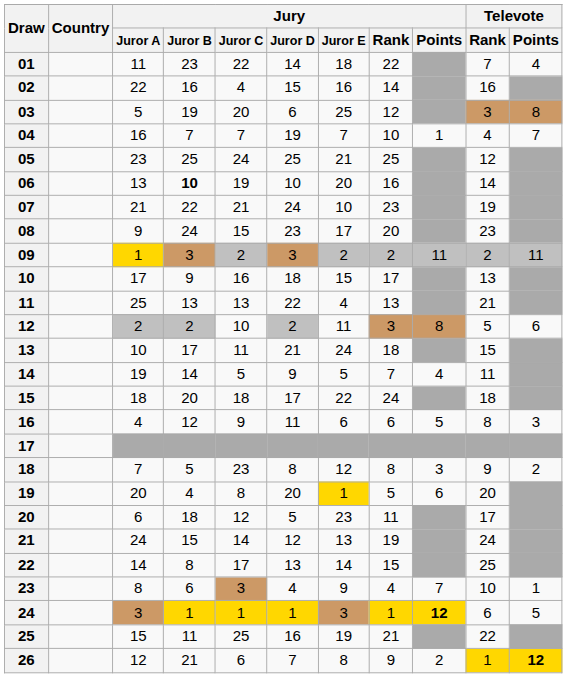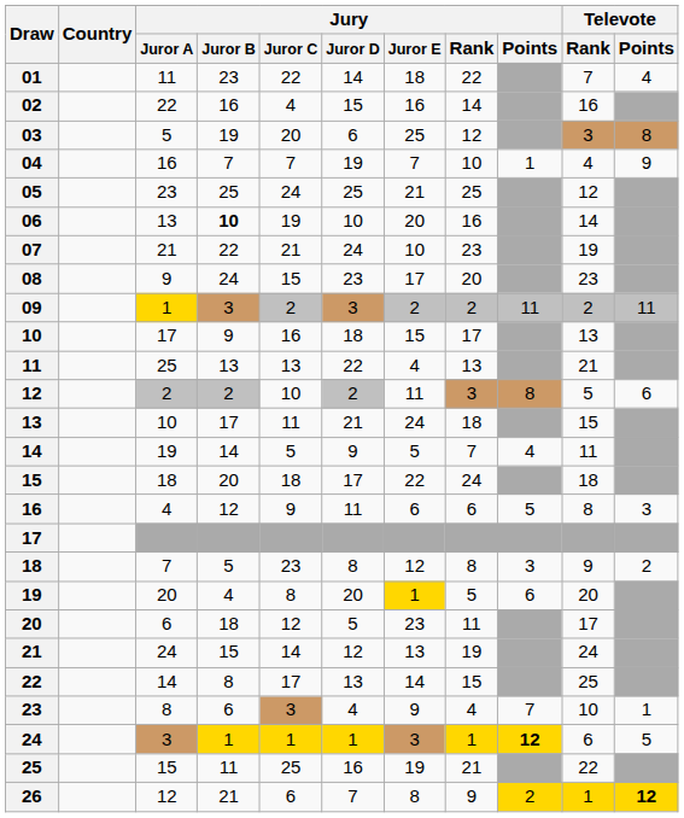 <table class="sortable wikitable collapsible plainrowheaders" style="text-align:center;">
 <tr>
 </tr>
 <tr>
 <th scope="col" rowspan="2">Draw</th>
 <th scope="col" rowspan="2">Country</th>
 <th scope="col" colspan="7">Jury</th>
 <th scope="col" colspan="2">Televote</th>
 </tr>
 <tr>
 <th scope="col"><small>Juror A</small></th>
 <th scope="col"><small>Juror B</small></th>
 <th scope="col"><small>Juror C</small></th>
 <th scope="col"><small>Juror D</small></th>
 <th scope="col"><small>Juror E</small></th>
 <th scope="col">Rank</th>
 <th scope="col" class="unsortable">Points</th>
 <th scope="col">Rank</th>
 <th scope="col" class="unsortable">Points</th>
 </tr>
 <tr>
 <th scope="row" style="text-align:center;">01</th>
 <td style="text-align:left;"></td>
 <td>11</td>
 <td>23</td>
 <td>22</td>
 <td>14</td>
 <td>18</td>
 <td>22</td>
 <td style="background:#AAAAAA;"></td>
 <td>7</td>
 <td>4</td>
 </tr>
 <tr>
 <th scope="row" style="text-align:center;">02</th>
 <td style="text-align:left;"></td>
 <td>22</td>
 <td>16</td>
 <td>4</td>
 <td>15</td>
 <td>16</td>
 <td>14</td>
 <td style="background:#AAAAAA;"></td>
 <td>16</td>
 <td style="background:#AAAAAA;"></td>
 </tr>
 <tr>
 <th scope="row" style="text-align:center;">03</th>
 <td style="text-align:left;"></td>
 <td>5</td>
 <td>19</td>
 <td>20</td>
 <td>6</td>
 <td>25</td>
 <td>12</td>
 <td style="background:#AAAAAA;"></td>
 <td style="background:#CC9966;">3</td>
 <td style="background:#CC9966;">8</td>
 </tr>
 <tr>
 <th scope="row" style="text-align:center;">04</th>
 <td style="text-align:left;"></td>
 <td>16</td>
 <td>7</td>
 <td>7</td>
 <td>19</td>
 <td>7</td>
 <td>10</td>
 <td>1</td>
 <td>4</td>
-<td>7</td>
+<td>9</td>
 </tr>
 <tr>
 <th scope="row" style="text-align:center;">05</th>
 <td style="text-align:left;"></td>
 <td>23</td>
 <td>25</td>
 <td>24</td>
 <td>25</td>
 <td>21</td>
 <td>25</td>
 <td style="background:#AAAAAA;"></td>
 <td>12</td>
 <td style="background:#AAAAAA;"></td>
 </tr>
 <tr>
 <th scope="row" style="text-align:center;">06</th>
 <td style="text-align:left;"></td>
 <td>13</td>
 <td><strong>10</strong></td>
 <td>19</td>
 <td>10</td>
 <td>20</td>
 <td>16</td>
 <td style="background:#AAAAAA;"></td>
 <td>14</td>
 <td style="background:#AAAAAA;"></td>
 </tr>
 <tr>
 <th scope="row" style="text-align:center;">07</th>
 <td style="text-align:left;"></td>
 <td>21</td>
 <td>22</td>
 <td>21</td>
 <td>24</td>
 <td>10</td>
 <td>23</td>
 <td style="background:#AAAAAA;"></td>
 <td>19</td>
 <td style="background:#AAAAAA;"></td>
 </tr>
 <tr>
 <th scope="row" style="text-align:center;">08</th>
 <td style="text-align:left;"></td>
 <td>9</td>
 <td>24</td>
 <td>15</td>
 <td>23</td>
 <td>17</td>
 <td>20</td>
 <td style="background:#AAAAAA;"></td>
 <td>23</td>
 <td style="background:#AAAAAA;"></td>
 </tr>
 <tr>
 <th scope="row" style="text-align:center;">09</th>
 <td style="text-align:left;"></td>
 <td style="background:gold;">1</td>
 <td style="background:#CC9966;">3</td>
 <td style="background:silver;">2</td>
 <td style="background:#CC9966;">3</td>
 <td style="background:silver;">2</td>
 <td style="background:silver;">2</td>
 <td style="background:silver;">11</td>
 <td style="background:silver;">2</td>
 <td style="background:silver;">11</td>
 </tr>
 <tr>
 <th scope="row" style="text-align:center;">10</th>
 <td style="text-align:left;"></td>
 <td>17</td>
 <td>9</td>
 <td>16</td>
 <td>18</td>
 <td>15</td>
 <td>17</td>
 <td style="background:#AAAAAA;"></td>
 <td>13</td>
 <td style="background:#AAAAAA;"></td>
 </tr>
 <tr>
 <th scope="row" style="text-align:center;">11</th>
 <td style="text-align:left;"></td>
 <td>25</td>
 <td>13</td>
 <td>13</td>
 <td>22</td>
 <td>4</td>
 <td>13</td>
 <td style="background:#AAAAAA;"></td>
 <td>21</td>
 <td style="background:#AAAAAA;"></td>
 </tr>
 <tr>
 <th scope="row" style="text-align:center;">12</th>
 <td style="text-align:left;"></td>
 <td style="background:silver;">2</td>
 <td style="background:silver;">2</td>
 <td>10</td>
 <td style="background:silver;">2</td>
 <td>11</td>
 <td style="background:#CC9966;">3</td>
 <td style="background:#CC9966;">8</td>
 <td>5</td>
 <td>6</td>
 </tr>
 <tr>
 <th scope="row" style="text-align:center;">13</th>
 <td style="text-align:left;"></td>
 <td>10</td>
 <td>17</td>
 <td>11</td>
 <td>21</td>
 <td>24</td>
 <td>18</td>
 <td style="background:#AAAAAA;"></td>
 <td>15</td>
 <td style="background:#AAAAAA;"></td>
 </tr>
 <tr>
 <th scope="row" style="text-align:center;">14</th>
 <td style="text-align:left;"></td>
 <td>19</td>
 <td>14</td>
 <td>5</td>
 <td>9</td>
 <td>5</td>
 <td>7</td>
 <td>4</td>
 <td>11</td>
 <td style="background:#AAAAAA;"></td>
 </tr>
 <tr>
 <th scope="row" style="text-align:center;">15</th>
 <td style="text-align:left;"></td>
 <td>18</td>
 <td>20</td>
 <td>18</td>
 <td>17</td>
 <td>22</td>
 <td>24</td>
 <td style="background:#AAAAAA;"></td>
 <td>18</td>
 <td style="background:#AAAAAA;"></td>
 </tr>
 <tr>
 <th scope="row" style="text-align:center;">16</th>
 <td style="text-align:left;"></td>
 <td>4</td>
 <td>12</td>
 <td>9</td>
 <td>11</td>
 <td>6</td>
 <td>6</td>
 <td>5</td>
 <td>8</td>
 <td>3</td>
 </tr>
 <tr class=sortbottom>
 <th scope="row" style="text-align:center;">17</th>
 <td style="text-align:left;"></td>
 <td style="background:#AAAAAA;"></td>
 <td style="background:#AAAAAA;"></td>
 <td style="background:#AAAAAA;"></td>
 <td style="background:#AAAAAA;"></td>
 <td style="background:#AAAAAA;"></td>
 <td style="background:#AAAAAA;"></td>
 <td style="background:#AAAAAA;"></td>
 <td style="background:#AAAAAA;"></td>
 <td style="background:#AAAAAA;"></td>
 </tr>
 <tr>
 <th scope="row" style="text-align:center;">18</th>
 <td style="text-align:left;"></td>
 <td>7</td>
 <td>5</td>
 <td>23</td>
 <td>8</td>
 <td>12</td>
 <td>8</td>
 <td>3</td>
 <td>9</td>
 <td>2</td>
 </tr>
 <tr>
 <th scope="row" style="text-align:center;">19</th>
 <td style="text-align:left;"></td>
 <td>20</td>
 <td>4</td>
 <td>8</td>
 <td>20</td>
 <td style="background:gold;">1</td>
 <td>5</td>
 <td>6</td>
 <td>20</td>
 <td style="background:#AAAAAA;"></td>
 </tr>
 <tr>
 <th scope="row" style="text-align:center;">20</th>
 <td style="text-align:left;"></td>
 <td>6</td>
 <td>18</td>
 <td>12</td>
 <td>5</td>
 <td>23</td>
 <td>11</td>
 <td style="background:#AAAAAA;"></td>
 <td>17</td>
 <td style="background:#AAAAAA;"></td>
 </tr>
 <tr>
 <th scope="row" style="text-align:center;">21</th>
 <td style="text-align:left;"></td>
 <td>24</td>
 <td>15</td>
 <td>14</td>
 <td>12</td>
 <td>13</td>
 <td>19</td>
 <td style="background:#AAAAAA;"></td>
 <td>24</td>
 <td style="background:#AAAAAA;"></td>
 </tr>
 <tr>
 <th scope="row" style="text-align:center;">22</th>
 <td style="text-align:left;"></td>
 <td>14</td>
 <td>8</td>
 <td>17</td>
 <td>13</td>
 <td>14</td>
 <td>15</td>
 <td style="background:#AAAAAA;"></td>
 <td>25</td>
 <td style="background:#AAAAAA;"></td>
 </tr>
 <tr>
 <th scope="row" style="text-align:center;">23</th>
 <td style="text-align:left;"></td>
 <td>8</td>
 <td>6</td>
 <td style="background:#CC9966;">3</td>
 <td>4</td>
 <td>9</td>
 <td>4</td>
 <td>7</td>
 <td>10</td>
 <td>1</td>
 </tr>
 <tr>
 <th scope="row" style="text-align:center;">24</th>
 <td style="text-align:left;"></td>
 <td style="background:#CC9966;">3</td>
 <td style="background:gold;">1</td>
 <td style="background:gold;">1</td>
 <td style="background:gold;">1</td>
 <td style="background:#CC9966;">3</td>
 <td style="background:gold;">1</td>
 <td style="background:gold;"><strong>12</strong></td>
 <td>6</td>
 <td>5</td>
 </tr>
 <tr>
 <th scope="row" style="text-align:center;">25</th>
 <td style="text-align:left;"></td>
 <td>15</td>
 <td>11</td>
 <td>25</td>
 <td>16</td>
 <td>19</td>
 <td>21</td>
 <td style="background:#AAAAAA;"></td>
 <td>22</td>
 <td style="background:#AAAAAA;"></td>
 </tr>
 <tr>
 <th scope="row" style="text-align:center;">26</th>
 <td style="text-align:left;"></td>
 <td>12</td>
 <td>21</td>
 <td>6</td>
 <td>7</td>
 <td>8</td>
 <td>9</td>
-<td>2</td>
+<td style="background: gold;">2</td>
 <td style="background:gold;">1</td>
 <td style="background:gold;"><strong>12</strong></td>
 </tr>
 </table>
